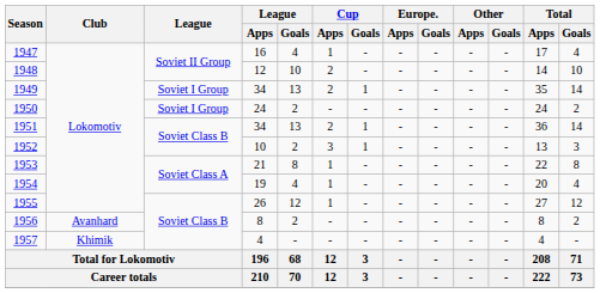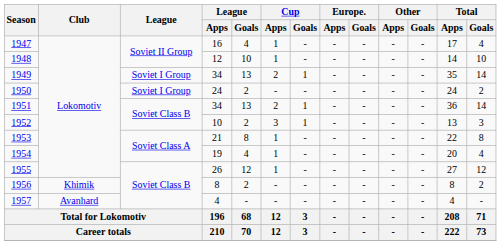 <table class="wikitable" style="font-size:100%; text-align: center;">
 <tr>
 <th rowspan="2">Season</th>
 <th rowspan="2" width="125">Club</th>
 <th rowspan="2" width="125">League</th>
 <th colspan="2">League</th>
 <th colspan="2"><a href='#'>Cup</a></th>
 <th colspan="2”">Europe.</th>
 <th colspan="2">Other</th>
 <th colspan="2">Total</th>
 </tr>
 <tr>
 <th width="40">Apps</th>
 <th width="40">Goals</th>
 <th width="40">Apps</th>
 <th width="40">Goals</th>
 <th width="40">Apps</th>
 <th width="40">Goals</th>
 <th width="40">Apps</th>
 <th width="40">Goals</th>
 <th width="40">Apps</th>
 <th width="40">Goals</th>
 </tr>
 <tr>
 <td><a href='#'>1947</a></td>
 <td rowspan=9><a href='#'>Lokomotiv</a></td>
 <td rowspan=2><a href='#'>Soviet II Group</a></td>
 <td>16</td>
 <td>4</td>
 <td>1</td>
 <td>-</td>
 <td>-</td>
 <td>-</td>
 <td>-</td>
 <td>-</td>
 <td>17</td>
 <td>4</td>
 </tr>
 <tr>
 <td><a href='#'>1948</a></td>
 <td>12</td>
 <td>10</td>
-<td>2</td>
+<td>1</td>
 <td>-</td>
 <td>-</td>
 <td>-</td>
 <td>-</td>
 <td>-</td>
 <td>14</td>
 <td>10</td>
 </tr>
 <tr>
 <td><a href='#'>1949</a></td>
 <td><a href='#'>Soviet I Group</a></td>
 <td>34</td>
 <td>13</td>
 <td>2</td>
 <td>1</td>
 <td>-</td>
 <td>-</td>
 <td>-</td>
 <td>-</td>
 <td>35</td>
 <td>14</td>
 </tr>
 <tr>
 <td><a href='#'>1950</a></td>
 <td><a href='#'>Soviet I Group</a></td>
 <td>24</td>
 <td>2</td>
 <td>-</td>
 <td>-</td>
 <td>-</td>
 <td>-</td>
 <td>-</td>
 <td>-</td>
 <td>24</td>
 <td>2</td>
 </tr>
 <tr>
 <td><a href='#'>1951</a></td>
 <td rowspan=2><a href='#'>Soviet Class B</a></td>
 <td>34</td>
 <td>13</td>
 <td>2</td>
 <td>1</td>
 <td>-</td>
 <td>-</td>
 <td>-</td>
 <td>-</td>
 <td>36</td>
 <td>14</td>
 </tr>
 <tr>
 <td><a href='#'>1952</a></td>
 <td>10</td>
 <td>2</td>
 <td>3</td>
 <td>1</td>
 <td>-</td>
 <td>-</td>
 <td>-</td>
 <td>-</td>
 <td>13</td>
 <td>3</td>
 </tr>
 <tr>
 <td><a href='#'>1953</a></td>
 <td rowspan=2><a href='#'>Soviet Class A</a></td>
 <td>21</td>
 <td>8</td>
 <td>1</td>
 <td>-</td>
 <td>-</td>
 <td>-</td>
 <td>-</td>
 <td>-</td>
 <td>22</td>
 <td>8</td>
 </tr>
 <tr>
 <td><a href='#'>1954</a></td>
 <td>19</td>
 <td>4</td>
 <td>1</td>
 <td>-</td>
 <td>-</td>
 <td>-</td>
 <td>-</td>
 <td>-</td>
 <td>20</td>
 <td>4</td>
 </tr>
 <tr>
 <td><a href='#'>1955</a></td>
 <td rowspan=3><a href='#'>Soviet Class B</a></td>
 <td>26</td>
 <td>12</td>
 <td>1</td>
 <td>-</td>
 <td>-</td>
 <td>-</td>
 <td>-</td>
 <td>-</td>
 <td>27</td>
 <td>12</td>
 </tr>
 <tr>
 <td><a href='#'>1956</a></td>
-<td><a href='#'>Avanhard</a></td>
+<td><a href='#'>Khimik</a></td>
 <td>8</td>
 <td>2</td>
 <td>-</td>
 <td>-</td>
 <td>-</td>
 <td>-</td>
 <td>-</td>
 <td>-</td>
 <td>8</td>
 <td>2</td>
 </tr>
 <tr>
 <td><a href='#'>1957</a></td>
-<td><a href='#'>Khimik</a></td>
+<td><a href='#'>Avanhard</a></td>
 <td>4</td>
 <td>-</td>
 <td>-</td>
 <td>-</td>
 <td>-</td>
 <td>-</td>
 <td>-</td>
 <td>-</td>
 <td>4</td>
 <td>-</td>
 </tr>
 <tr>
 <th colspan="3"><strong>Total for Lokomotiv</strong></th>
 <th>196</th>
 <th>68</th>
 <th>12</th>
 <th>3</th>
 <th>-</th>
 <th>-</th>
 <th>-</th>
 <th>-</th>
 <th>208</th>
 <th>71</th>
 </tr>
 <tr>
 <th colspan="3">Career totals</th>
 <th>210</th>
 <th>70</th>
 <th>12</th>
 <th>3</th>
 <th>-</th>
 <th>-</th>
 <th>-</th>
 <th>-</th>
 <th>222</th>
 <th>73</th>
 </tr>
 <tr>
 </tr>
 </table>
